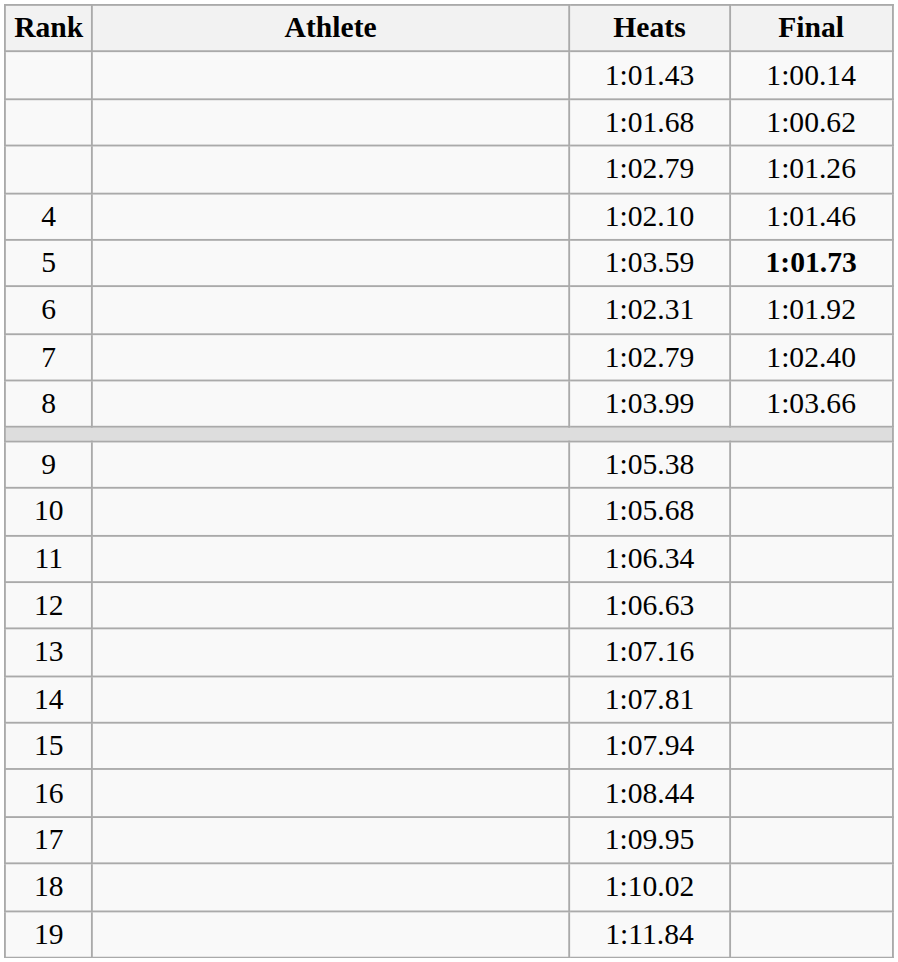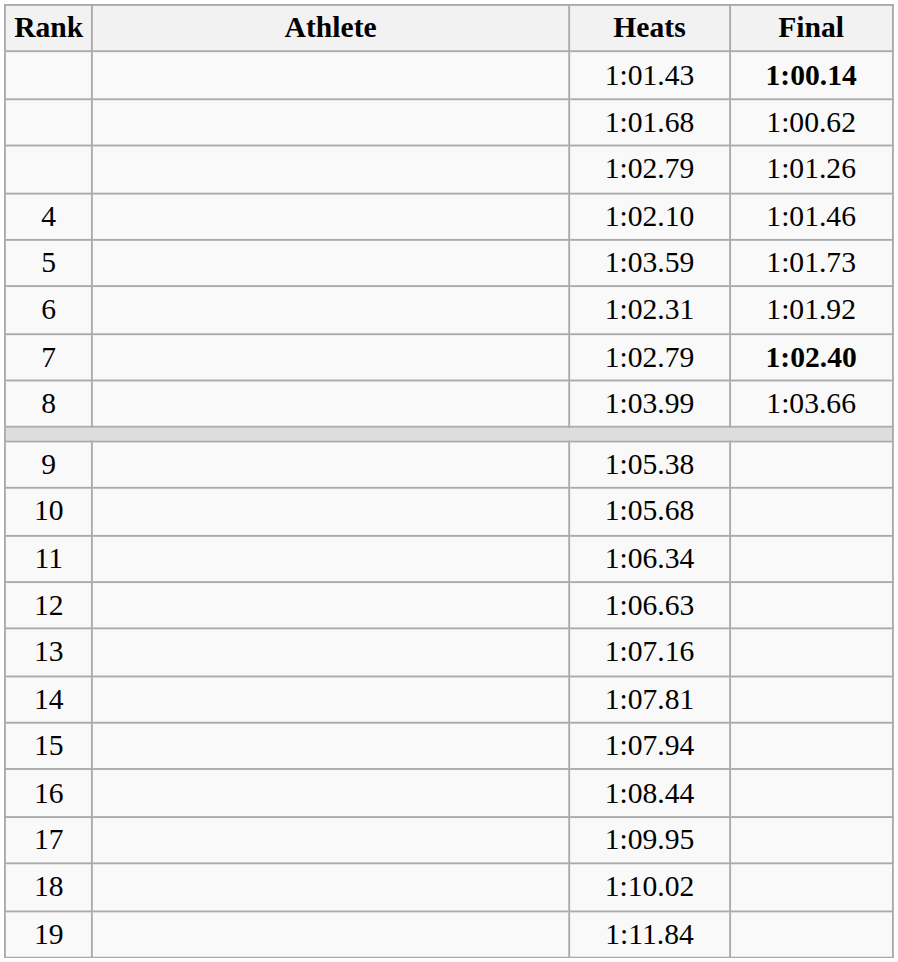 <table class=wikitable style="text-align:center">
 <tr>
 <th width=40>Rank</th>
 <th width=250>Athlete</th>
 <th width=80>Heats</th>
 <th width=80>Final</th>
 </tr>
 <tr>
 <td></td>
 <td align=left></td>
 <td>1:01.43</td>
-<td>1:00.14</td>
+<td><strong>1:00.14</strong></td>
 </tr>
 <tr>
 <td></td>
 <td align=left></td>
 <td>1:01.68</td>
 <td>1:00.62</td>
 </tr>
 <tr>
 <td></td>
 <td align=left></td>
 <td>1:02.79</td>
 <td>1:01.26</td>
 </tr>
 <tr>
 <td>4</td>
 <td align=left></td>
 <td>1:02.10</td>
 <td>1:01.46</td>
 </tr>
 <tr>
 <td>5</td>
 <td align=left></td>
 <td>1:03.59</td>
-<td><strong>1:01.73</strong></td>
+<td>1:01.73</td>
 </tr>
 <tr>
 <td>6</td>
 <td align=left></td>
 <td>1:02.31</td>
 <td>1:01.92</td>
 </tr>
 <tr>
 <td>7</td>
 <td align=left></td>
 <td>1:02.79</td>
-<td>1:02.40</td>
+<td><strong>1:02.40</strong></td>
 </tr>
 <tr>
 <td>8</td>
 <td align=left></td>
 <td>1:03.99</td>
 <td>1:03.66</td>
 </tr>
 <tr bgcolor=#DDDDDD>
 <td colspan=4></td>
 </tr>
 <tr>
 <td>9</td>
 <td align=left></td>
 <td>1:05.38</td>
 <td></td>
 </tr>
 <tr>
 <td>10</td>
 <td align=left></td>
 <td>1:05.68</td>
 <td></td>
 </tr>
 <tr>
 <td>11</td>
 <td align=left></td>
 <td>1:06.34</td>
 <td></td>
 </tr>
 <tr>
 <td>12</td>
 <td align=left></td>
 <td>1:06.63</td>
 <td></td>
 </tr>
 <tr>
 <td>13</td>
 <td align=left></td>
 <td>1:07.16</td>
 <td></td>
 </tr>
 <tr>
 <td>14</td>
 <td align=left></td>
 <td>1:07.81</td>
 <td></td>
 </tr>
 <tr>
 <td>15</td>
 <td align=left></td>
 <td>1:07.94</td>
 <td></td>
 </tr>
 <tr>
 <td>16</td>
 <td align=left></td>
 <td>1:08.44</td>
 <td></td>
 </tr>
 <tr>
 <td>17</td>
 <td align=left></td>
 <td>1:09.95</td>
 <td></td>
 </tr>
 <tr>
 <td>18</td>
 <td align=left></td>
 <td>1:10.02</td>
 <td></td>
 </tr>
 <tr>
 <td>19</td>
 <td align=left></td>
 <td>1:11.84</td>
 <td></td>
 </tr>
 </table>
